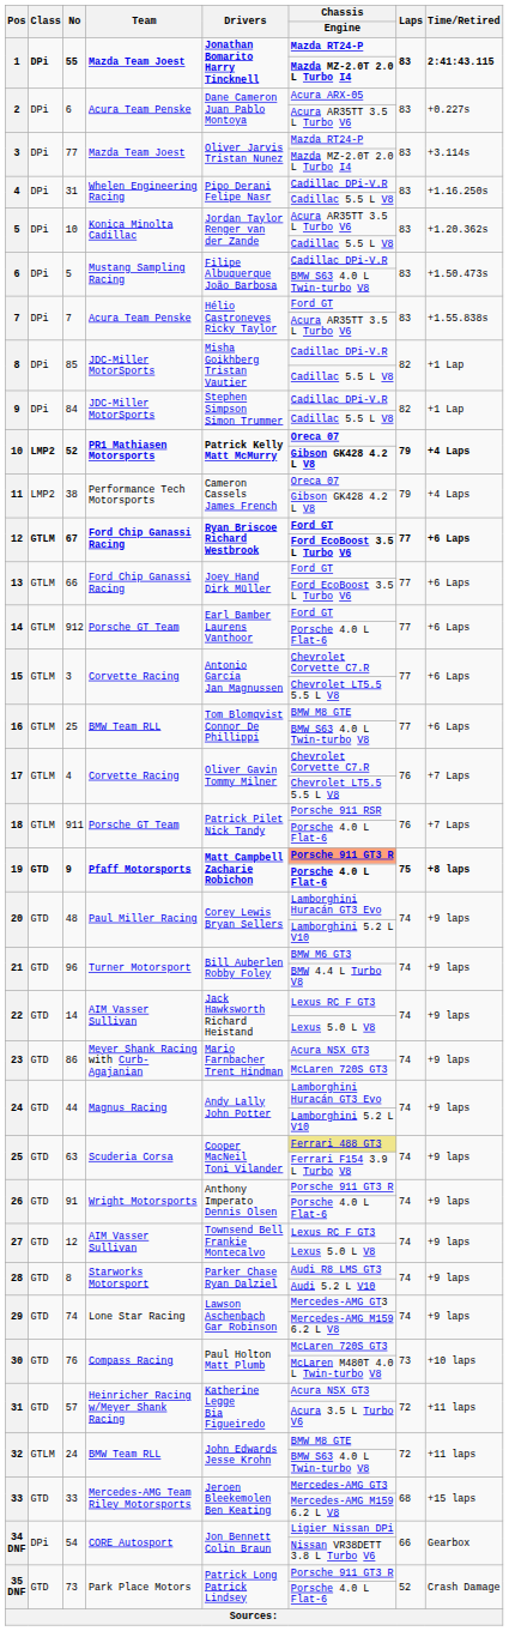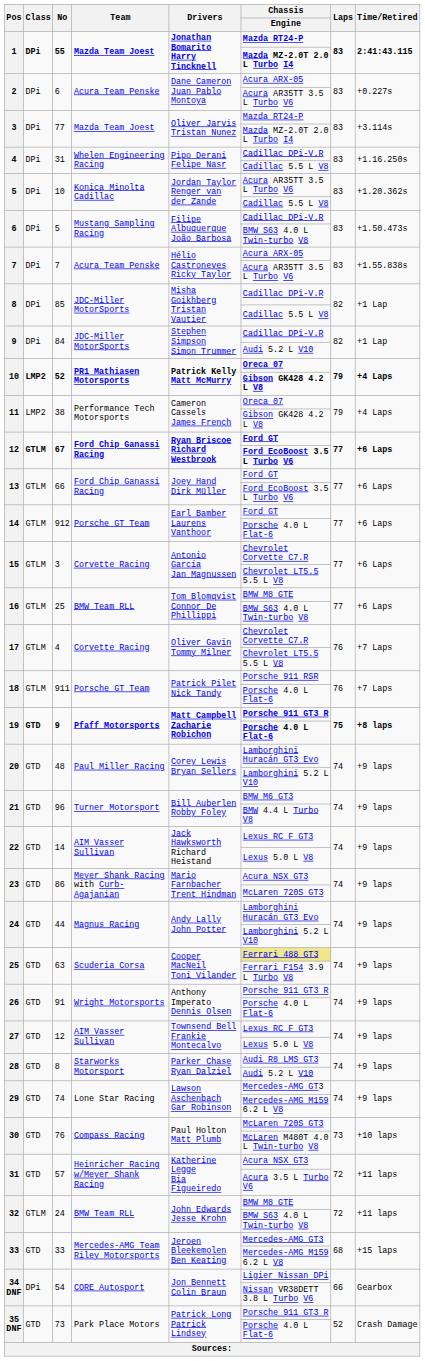 <table class="wikitable" style="font-size: 95%;">
 <tr>
 <th rowspan=2>Pos</th>
 <th rowspan=2>Class</th>
 <th rowspan=2>No</th>
 <th rowspan=2>Team</th>
 <th rowspan=2>Drivers</th>
 <th>Chassis</th>
 <th rowspan=2>Laps</th>
 <th rowspan=2>Time/Retired</th>
 </tr>
 <tr>
 <th>Engine</th>
 </tr>
 <tr style="font-weight:bold">
 <th rowspan=2>1</th>
 <td rowspan=2>DPi</td>
 <td rowspan=2>55</td>
 <td rowspan=2> <a href='#'>Mazda Team Joest</a></td>
 <td rowspan=2> <a href='#'>Jonathan Bomarito</a><br> <a href='#'>Harry Tincknell</a></td>
 <td><a href='#'>Mazda RT24-P</a></td>
 <td rowspan=2>83</td>
 <td rowspan=2>2:41:43.115</td>
 </tr>
 <tr style="font-weight:bold">
 <td><a href='#'>Mazda</a> MZ-2.0T 2.0 L <a href='#'>Turbo</a> <a href='#'>I4</a></td>
 </tr>
 <tr>
 <th rowspan=2>2</th>
 <td rowspan=2>DPi</td>
 <td rowspan=2>6</td>
 <td rowspan=2> <a href='#'>Acura Team Penske</a></td>
 <td rowspan=2> <a href='#'>Dane Cameron</a><br> <a href='#'>Juan Pablo Montoya</a></td>
 <td><a href='#'>Acura ARX-05</a></td>
 <td rowspan=2>83</td>
 <td rowspan=2>+0.227s</td>
 </tr>
 <tr>
 <td><a href='#'>Acura</a> AR35TT 3.5 L <a href='#'>Turbo</a> <a href='#'>V6</a></td>
 </tr>
 <tr>
 <th rowspan=2>3</th>
 <td rowspan=2>DPi</td>
 <td rowspan=2>77</td>
 <td rowspan=2> <a href='#'>Mazda Team Joest</a></td>
 <td rowspan=2> <a href='#'>Oliver Jarvis</a><br> <a href='#'>Tristan Nunez</a></td>
 <td><a href='#'>Mazda RT24-P</a></td>
 <td rowspan=2>83</td>
 <td rowspan=2>+3.114s</td>
 </tr>
 <tr>
 <td><a href='#'>Mazda</a> MZ-2.0T 2.0 L <a href='#'>Turbo</a> <a href='#'>I4</a></td>
 </tr>
 <tr>
 <th rowspan=2>4</th>
 <td rowspan=2>DPi</td>
 <td rowspan=2>31</td>
 <td rowspan=2> <a href='#'>Whelen Engineering Racing</a></td>
 <td rowspan=2> <a href='#'>Pipo Derani</a><br> <a href='#'>Felipe Nasr</a></td>
 <td><a href='#'>Cadillac DPi-V.R</a></td>
 <td rowspan=2>83</td>
 <td rowspan=2>+1.16.250s</td>
 </tr>
 <tr>
 <td><a href='#'>Cadillac</a> 5.5 L <a href='#'>V8</a></td>
 </tr>
 <tr>
 <th rowspan=2>5</th>
 <td rowspan=2>DPi</td>
 <td rowspan=2>10</td>
 <td rowspan=2> <a href='#'>Konica Minolta Cadillac</a></td>
 <td rowspan=2> <a href='#'>Jordan Taylor</a><br> <a href='#'>Renger van der Zande</a></td>
 <td><a href='#'>Acura</a> AR35TT 3.5 L <a href='#'>Turbo</a> <a href='#'>V6</a></td>
 <td rowspan=2>83</td>
 <td rowspan=2>+1.20.362s</td>
 </tr>
 <tr>
 <td><a href='#'>Cadillac</a> 5.5 L <a href='#'>V8</a></td>
 </tr>
 <tr>
 <th rowspan=2>6</th>
 <td rowspan=2>DPi</td>
 <td rowspan=2>5</td>
 <td rowspan=2> <a href='#'>Mustang Sampling Racing</a></td>
 <td rowspan=2> <a href='#'>Filipe Albuquerque</a><br> <a href='#'>João Barbosa</a></td>
 <td><a href='#'>Cadillac DPi-V.R</a></td>
 <td rowspan=2>83</td>
 <td rowspan=2>+1.50.473s</td>
 </tr>
 <tr>
 <td><a href='#'>BMW S63</a> 4.0 L <a href='#'>Twin-turbo</a> <a href='#'>V8</a></td>
 </tr>
 <tr>
 <th rowspan=2>7</th>
 <td rowspan=2>DPi</td>
 <td rowspan=2>7</td>
 <td rowspan=2> <a href='#'>Acura Team Penske</a></td>
 <td rowspan=2> <a href='#'>Hélio Castroneves</a><br> <a href='#'>Ricky Taylor</a></td>
-<td><a href='#'>Ford GT</a></td>
+<td><a href='#'>Acura ARX-05</a></td>
 <td rowspan=2>83</td>
 <td rowspan=2>+1.55.838s</td>
 </tr>
 <tr>
 <td><a href='#'>Acura</a> AR35TT 3.5 L <a href='#'>Turbo</a> <a href='#'>V6</a></td>
 </tr>
 <tr>
 <th rowspan=2>8</th>
 <td rowspan=2>DPi</td>
 <td rowspan=2>85</td>
 <td rowspan=2> <a href='#'>JDC-Miller MotorSports</a></td>
 <td rowspan=2> <a href='#'>Misha Goikhberg</a><br> <a href='#'>Tristan Vautier</a></td>
 <td><a href='#'>Cadillac DPi-V.R</a></td>
 <td rowspan=2>82</td>
 <td rowspan=2>+1 Lap</td>
 </tr>
 <tr>
 <td><a href='#'>Cadillac</a> 5.5 L <a href='#'>V8</a></td>
 </tr>
 <tr>
 <th rowspan=2>9</th>
 <td rowspan=2>DPi</td>
 <td rowspan=2>84</td>
 <td rowspan=2> <a href='#'>JDC-Miller MotorSports</a></td>
 <td rowspan=2> <a href='#'>Stephen Simpson</a><br> <a href='#'>Simon Trummer</a></td>
 <td><a href='#'>Cadillac DPi-V.R</a></td>
 <td rowspan=2>82</td>
 <td rowspan=2>+1 Lap</td>
 </tr>
 <tr>
-<td><a href='#'>Cadillac</a> 5.5 L <a href='#'>V8</a></td>
+<td><a href='#'>Audi</a> 5.2 L <a href='#'>V10</a></td>
 </tr>
 <tr style="font-weight:bold">
 <th rowspan=2>10</th>
 <td rowspan=2>LMP2</td>
 <td rowspan=2>52</td>
 <td rowspan=2> <a href='#'>PR1 Mathiasen Motorsports</a></td>
 <td rowspan=2> Patrick Kelly<br> <a href='#'>Matt McMurry</a></td>
 <td><a href='#'>Oreca 07</a></td>
 <td rowspan=2>79</td>
 <td rowspan=2>+4 Laps</td>
 </tr>
 <tr style="font-weight:bold">
 <td><a href='#'>Gibson</a> GK428 4.2 L <a href='#'>V8</a></td>
 </tr>
 <tr>
 <th rowspan=2>11</th>
 <td rowspan=2>LMP2</td>
 <td rowspan=2>38</td>
 <td rowspan=2> Performance Tech Motorsports</td>
 <td rowspan=2> Cameron Cassels<br> <a href='#'>James French</a></td>
 <td><a href='#'>Oreca 07</a></td>
 <td rowspan=2>79</td>
 <td rowspan=2>+4 Laps</td>
 </tr>
 <tr>
 <td><a href='#'>Gibson</a> GK428 4.2 L <a href='#'>V8</a></td>
 </tr>
 <tr style="font-weight:bold">
 <th rowspan=2>12</th>
 <td rowspan=2>GTLM</td>
 <td rowspan=2>67</td>
 <td rowspan=2> <a href='#'>Ford Chip Ganassi Racing</a></td>
 <td rowspan=2> <a href='#'>Ryan Briscoe</a><br> <a href='#'>Richard Westbrook</a></td>
 <td><a href='#'>Ford GT</a></td>
 <td rowspan="2">77</td>
 <td rowspan="2">+6 Laps</td>
 </tr>
 <tr style="font-weight:bold">
 <td><a href='#'>Ford EcoBoost</a> 3.5 L <a href='#'>Turbo</a> <a href='#'>V6</a></td>
 </tr>
 <tr>
 <th rowspan="2">13</th>
 <td rowspan=2>GTLM</td>
 <td rowspan=2>66</td>
 <td rowspan=2> <a href='#'>Ford Chip Ganassi Racing</a></td>
 <td rowspan=2> <a href='#'>Joey Hand</a><br> <a href='#'>Dirk Müller</a></td>
 <td><a href='#'>Ford GT</a></td>
 <td rowspan=2>77</td>
 <td rowspan=2>+6 Laps</td>
 </tr>
 <tr>
 <td><a href='#'>Ford EcoBoost</a> 3.5 L <a href='#'>Turbo</a> <a href='#'>V6</a></td>
 </tr>
 <tr>
 <th rowspan="2">14</th>
 <td rowspan="2">GTLM</td>
 <td rowspan="2">912</td>
 <td rowspan="2"> <a href='#'>Porsche GT Team</a></td>
 <td rowspan="2"> <a href='#'>Earl Bamber</a><br> <a href='#'>Laurens Vanthoor</a></td>
 <td><a href='#'>Ford GT</a></td>
 <td rowspan="2">77</td>
 <td rowspan="2">+6 Laps</td>
 </tr>
 <tr>
 <td><a href='#'>Porsche</a> 4.0 L <a href='#'>Flat-6</a></td>
 </tr>
 <tr>
 <th rowspan="2">15</th>
 <td rowspan="2">GTLM</td>
 <td rowspan="2">3</td>
 <td rowspan="2"> <a href='#'>Corvette Racing</a></td>
 <td rowspan="2"> <a href='#'>Antonio García</a><br> <a href='#'>Jan Magnussen</a></td>
 <td><a href='#'>Chevrolet Corvette C7.R</a></td>
 <td rowspan="2">77</td>
 <td rowspan="2">+6 Laps</td>
 </tr>
 <tr>
 <td><a href='#'>Chevrolet LT5.5</a> 5.5 L <a href='#'>V8</a></td>
 </tr>
 <tr>
 <th rowspan="2">16</th>
 <td rowspan="2">GTLM</td>
 <td rowspan="2">25</td>
 <td rowspan="2"> <a href='#'>BMW Team RLL</a></td>
 <td rowspan="2"> <a href='#'>Tom Blomqvist</a><br> <a href='#'>Connor De Phillippi</a></td>
 <td><a href='#'>BMW M8 GTE</a></td>
 <td rowspan="2">77</td>
 <td rowspan="2">+6 Laps</td>
 </tr>
 <tr>
 <td><a href='#'>BMW S63</a> 4.0 L <a href='#'>Twin-turbo</a> <a href='#'>V8</a></td>
 </tr>
 <tr>
 <th rowspan="2">17</th>
 <td rowspan="2">GTLM</td>
 <td rowspan="2">4</td>
 <td rowspan="2"> <a href='#'>Corvette Racing</a></td>
 <td rowspan="2"> <a href='#'>Oliver Gavin</a><br> <a href='#'>Tommy Milner</a></td>
 <td><a href='#'>Chevrolet Corvette C7.R</a></td>
 <td rowspan="2">76</td>
 <td rowspan="2">+7 Laps</td>
 </tr>
 <tr>
 <td><a href='#'>Chevrolet LT5.5</a> 5.5 L <a href='#'>V8</a></td>
 </tr>
 <tr>
 <th rowspan="2">18</th>
 <td rowspan="2">GTLM</td>
 <td rowspan="2">911</td>
 <td rowspan="2"> <a href='#'>Porsche GT Team</a></td>
 <td rowspan=2> <a href='#'>Patrick Pilet</a><br> <a href='#'>Nick Tandy</a></td>
 <td><a href='#'>Porsche 911 RSR</a></td>
 <td rowspan=2>76</td>
 <td rowspan=2>+7 Laps</td>
 </tr>
 <tr>
 <td><a href='#'>Porsche</a> 4.0 L <a href='#'>Flat-6</a></td>
 </tr>
 <tr style="font-weight:bold">
 <th rowspan="2">19</th>
 <td rowspan="2">GTD</td>
 <td rowspan="2">9</td>
 <td rowspan="2"> <a href='#'>Pfaff Motorsports</a></td>
 <td rowspan="2"> <a href='#'>Matt Campbell</a><br> <a href='#'>Zacharie Robichon</a></td>
-<td style="background: lightsalmon;"><a href='#'>Porsche 911 GT3 R</a></td>
+<td><a href='#'>Porsche 911 GT3 R</a></td>
 <td rowspan="2">75</td>
 <td rowspan="2">+8 laps</td>
 </tr>
 <tr style="font-weight:bold">
 <td><a href='#'>Porsche</a> 4.0 L <a href='#'>Flat-6</a></td>
 </tr>
 <tr>
 <th rowspan="2">20</th>
 <td rowspan="2">GTD</td>
 <td rowspan="2">48</td>
 <td rowspan="2"> <a href='#'>Paul Miller Racing</a></td>
 <td rowspan="2"> <a href='#'>Corey Lewis</a><br> <a href='#'>Bryan Sellers</a></td>
 <td><a href='#'>Lamborghini Huracán GT3 Evo</a></td>
 <td rowspan="2">74</td>
 <td rowspan="2">+9 laps</td>
 </tr>
 <tr>
 <td><a href='#'>Lamborghini</a> 5.2 L <a href='#'>V10</a></td>
 </tr>
 <tr>
 <th rowspan="2">21</th>
 <td rowspan="2">GTD</td>
 <td rowspan="2">96</td>
 <td rowspan="2"> <a href='#'>Turner Motorsport</a></td>
 <td rowspan="2"> <a href='#'>Bill Auberlen</a><br> <a href='#'>Robby Foley</a></td>
 <td><a href='#'>BMW M6 GT3</a></td>
 <td rowspan="2">74</td>
 <td rowspan="2">+9 laps</td>
 </tr>
 <tr>
 <td><a href='#'>BMW</a> 4.4 L <a href='#'>Turbo</a> <a href='#'>V8</a></td>
 </tr>
 <tr>
 <th rowspan="2">22</th>
 <td rowspan="2">GTD</td>
 <td rowspan="2">14</td>
 <td rowspan="2"> <a href='#'>AIM Vasser Sullivan</a></td>
 <td rowspan="2"> <a href='#'>Jack Hawksworth</a><br> Richard Heistand</td>
 <td><a href='#'>Lexus RC F GT3</a></td>
 <td rowspan="2">74</td>
 <td rowspan="2">+9 laps</td>
 </tr>
 <tr>
 <td><a href='#'>Lexus</a> 5.0 L <a href='#'>V8</a></td>
 </tr>
 <tr>
 <th rowspan="2">23</th>
 <td rowspan="2">GTD</td>
 <td rowspan="2">86</td>
 <td rowspan="2"> <a href='#'>Meyer Shank Racing</a> with <a href='#'>Curb-Agajanian</a></td>
 <td rowspan="2"> <a href='#'>Mario Farnbacher</a><br> <a href='#'>Trent Hindman</a></td>
 <td><a href='#'>Acura NSX GT3</a></td>
 <td rowspan="2">74</td>
 <td rowspan="2">+9 laps</td>
 </tr>
 <tr>
 <td><a href='#'>McLaren 720S GT3</a></td>
 </tr>
 <tr>
 <th rowspan="2">24</th>
 <td rowspan="2">GTD</td>
 <td rowspan="2">44</td>
 <td rowspan="2"> <a href='#'>Magnus Racing</a></td>
 <td rowspan="2"> <a href='#'>Andy Lally</a><br> <a href='#'>John Potter</a></td>
 <td><a href='#'>Lamborghini Huracán GT3 Evo</a></td>
 <td rowspan="2">74</td>
 <td rowspan="2">+9 laps</td>
 </tr>
 <tr>
 <td><a href='#'>Lamborghini</a> 5.2 L <a href='#'>V10</a></td>
 </tr>
 <tr>
 <th rowspan="2">25</th>
 <td rowspan="2">GTD</td>
 <td rowspan="2">63</td>
 <td rowspan="2"> <a href='#'>Scuderia Corsa</a></td>
 <td rowspan="2"> <a href='#'>Cooper MacNeil</a><br> <a href='#'>Toni Vilander</a></td>
 <td style="background: khaki;"><a href='#'>Ferrari 488 GT3</a></td>
 <td rowspan="2">74</td>
 <td rowspan="2">+9 laps</td>
 </tr>
 <tr>
 <td><a href='#'>Ferrari F154</a> 3.9 L <a href='#'>Turbo</a> <a href='#'>V8</a></td>
 </tr>
 <tr>
 <th rowspan=2>26</th>
 <td rowspan=2>GTD</td>
 <td rowspan=2>91</td>
 <td rowspan=2> <a href='#'>Wright Motorsports</a></td>
 <td rowspan=2> Anthony Imperato<br> <a href='#'>Dennis Olsen</a></td>
 <td><a href='#'>Porsche 911 GT3 R</a></td>
 <td rowspan=2>74</td>
 <td rowspan=2>+9 laps</td>
 </tr>
 <tr>
 <td><a href='#'>Porsche</a> 4.0 L <a href='#'>Flat-6</a></td>
 </tr>
 <tr>
 <th rowspan="2">27</th>
 <td rowspan="2">GTD</td>
 <td rowspan="2">12</td>
 <td rowspan="2"> <a href='#'>AIM Vasser Sullivan</a></td>
 <td rowspan="2"> <a href='#'>Townsend Bell</a><br> <a href='#'>Frankie Montecalvo</a></td>
 <td><a href='#'>Lexus RC F GT3</a></td>
 <td rowspan="2">74</td>
 <td rowspan="2">+9 laps</td>
 </tr>
 <tr>
 <td><a href='#'>Lexus</a> 5.0 L <a href='#'>V8</a></td>
 </tr>
 <tr>
 <th rowspan=2>28</th>
 <td rowspan=2>GTD</td>
 <td rowspan=2>8</td>
 <td rowspan=2> <a href='#'>Starworks Motorsport</a></td>
 <td rowspan=2> <a href='#'>Parker Chase</a><br> <a href='#'>Ryan Dalziel</a></td>
 <td><a href='#'>Audi R8 LMS GT3</a></td>
 <td rowspan=2>74</td>
 <td rowspan=2>+9 laps</td>
 </tr>
 <tr>
 <td><a href='#'>Audi</a> 5.2 L <a href='#'>V10</a></td>
 </tr>
 <tr>
 <th rowspan="2">29</th>
 <td rowspan="2">GTD</td>
 <td rowspan="2">74</td>
 <td rowspan="2"> Lone Star Racing</td>
 <td rowspan="2"> <a href='#'>Lawson Aschenbach</a><br> <a href='#'>Gar Robinson</a></td>
 <td><a href='#'>Mercedes-AMG GT</a>3</td>
 <td rowspan="2">74</td>
 <td rowspan="2">+9 laps</td>
 </tr>
 <tr>
 <td><a href='#'>Mercedes-AMG M159</a> 6.2 L <a href='#'>V8</a></td>
 </tr>
 <tr>
 <th rowspan="2">30</th>
 <td rowspan="2">GTD</td>
 <td rowspan="2">76</td>
 <td rowspan="2"> <a href='#'>Compass Racing</a></td>
 <td rowspan="2"> Paul Holton<br> <a href='#'>Matt Plumb</a></td>
 <td><a href='#'>McLaren 720S GT3</a></td>
 <td rowspan="2">73</td>
 <td rowspan="2">+10 laps</td>
 </tr>
 <tr>
 <td><a href='#'>McLaren</a> M480T 4.0 L <a href='#'>Twin-turbo</a> <a href='#'>V8</a></td>
 </tr>
 <tr>
 <th rowspan="2">31</th>
 <td rowspan="2">GTD</td>
 <td rowspan="2">57</td>
 <td rowspan="2"> <a href='#'>Heinricher Racing w/Meyer Shank Racing</a></td>
 <td rowspan="2"> <a href='#'>Katherine Legge</a><br> <a href='#'>Bia Figueiredo</a></td>
 <td><a href='#'>Acura NSX GT3</a></td>
 <td rowspan="2">72</td>
 <td rowspan="2">+11 laps</td>
 </tr>
 <tr>
 <td><a href='#'>Acura</a> 3.5 L <a href='#'>Turbo</a> <a href='#'>V6</a></td>
 </tr>
 <tr>
 <th rowspan="2">32</th>
 <td rowspan="2">GTLM</td>
 <td rowspan="2">24</td>
 <td rowspan="2"> <a href='#'>BMW Team RLL</a></td>
 <td rowspan="2"> <a href='#'>John Edwards</a><br> <a href='#'>Jesse Krohn</a></td>
 <td><a href='#'>BMW M8 GTE</a></td>
 <td rowspan="2">72</td>
 <td rowspan="2">+11 laps</td>
 </tr>
 <tr>
 <td><a href='#'>BMW S63</a> 4.0 L <a href='#'>Twin-turbo</a> <a href='#'>V8</a></td>
 </tr>
 <tr>
 <th rowspan="2">33</th>
 <td rowspan="2">GTD</td>
 <td rowspan="2">33</td>
 <td rowspan="2"> <a href='#'>Mercedes-AMG Team Riley Motorsports</a></td>
 <td rowspan="2"> <a href='#'>Jeroen Bleekemolen</a><br> <a href='#'>Ben Keating</a></td>
 <td><a href='#'>Mercedes-AMG GT3</a></td>
 <td rowspan="2">68</td>
 <td rowspan="2">+15 laps</td>
 </tr>
 <tr>
 <td><a href='#'>Mercedes-AMG M159</a> 6.2 L <a href='#'>V8</a></td>
 </tr>
 <tr>
 <th rowspan=2>34<br>DNF</th>
 <td rowspan=2>DPi</td>
 <td rowspan=2>54</td>
 <td rowspan=2> <a href='#'>CORE Autosport</a></td>
 <td rowspan=2> <a href='#'>Jon Bennett</a><br> <a href='#'>Colin Braun</a></td>
 <td><a href='#'>Ligier Nissan DPi</a></td>
 <td rowspan=2>66</td>
 <td rowspan=2>Gearbox</td>
 </tr>
 <tr>
 <td><a href='#'>Nissan</a> VR38DETT 3.8 L <a href='#'>Turbo</a> <a href='#'>V6</a></td>
 </tr>
 <tr>
 <th rowspan="2">35<br>DNF</th>
 <td rowspan="2">GTD</td>
 <td rowspan="2">73</td>
 <td rowspan="2"> Park Place Motors</td>
 <td rowspan="2"> <a href='#'>Patrick Long</a><br> <a href='#'>Patrick Lindsey</a></td>
 <td><a href='#'>Porsche 911 GT3 R</a></td>
 <td rowspan="2">52</td>
 <td rowspan="2">Crash Damage</td>
 </tr>
 <tr>
 <td><a href='#'>Porsche</a> 4.0 L <a href='#'>Flat-6</a></td>
 </tr>
 <tr>
 <th colspan="8">Sources:</th>
 </tr>
 </table>
